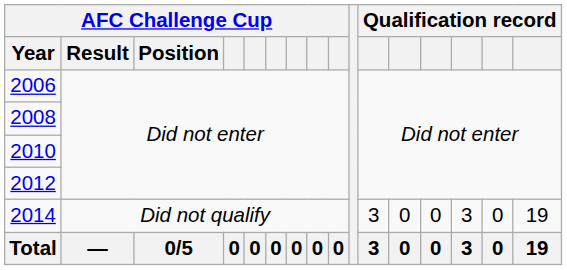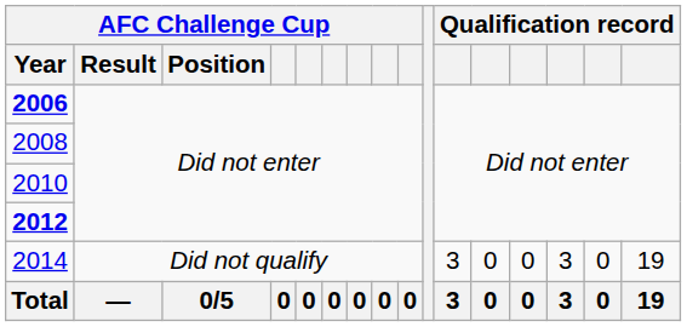 <table class="wikitable" style="text-align: center;">
 <tr>
 <th colspan=9><a href='#'>AFC Challenge Cup</a></th>
 <th rowspan=39></th>
 <th colspan=6>Qualification record</th>
 </tr>
 <tr>
 <th>Year</th>
 <th>Result</th>
 <th>Position</th>
 <th></th>
 <th></th>
 <th></th>
 <th></th>
 <th></th>
 <th></th>
 <th></th>
 <th></th>
 <th></th>
 <th></th>
 <th></th>
 <th></th>
 </tr>
 <tr>
-<td> <a href='#'>2006</a></td>
+<td><strong> <a href='#'>2006</a></strong></td>
 <td colspan=8 rowspan=4><em>Did not enter</em></td>
 <td colspan="6" rowspan=4><em>Did not enter</em></td>
 </tr>
 <tr>
 <td> <a href='#'>2008</a></td>
 </tr>
 <tr>
 <td> <a href='#'>2010</a></td>
 </tr>
 <tr>
-<td> <a href='#'>2012</a></td>
+<td><strong> <a href='#'>2012</a></strong></td>
 </tr>
 <tr>
 <td> <a href='#'>2014</a></td>
 <td textalign="center"; colspan="8"><em>Did not qualify</em></td>
 <td>3</td>
 <td>0</td>
 <td>0</td>
 <td>3</td>
 <td>0</td>
 <td>19</td>
 </tr>
 <tr>
 <th><strong>Total</strong></th>
 <th>—</th>
 <th>0/5</th>
 <th><strong>0</strong></th>
 <th><strong>0</strong></th>
 <th><strong>0</strong></th>
 <th><strong>0</strong></th>
 <th><strong>0</strong></th>
 <th><strong>0</strong></th>
 <th><strong>3</strong></th>
 <th><strong>0</strong></th>
 <th><strong>0</strong></th>
 <th><strong>3</strong></th>
 <th><strong>0</strong></th>
 <th><strong>19</strong></th>
 </tr>
 </table>
